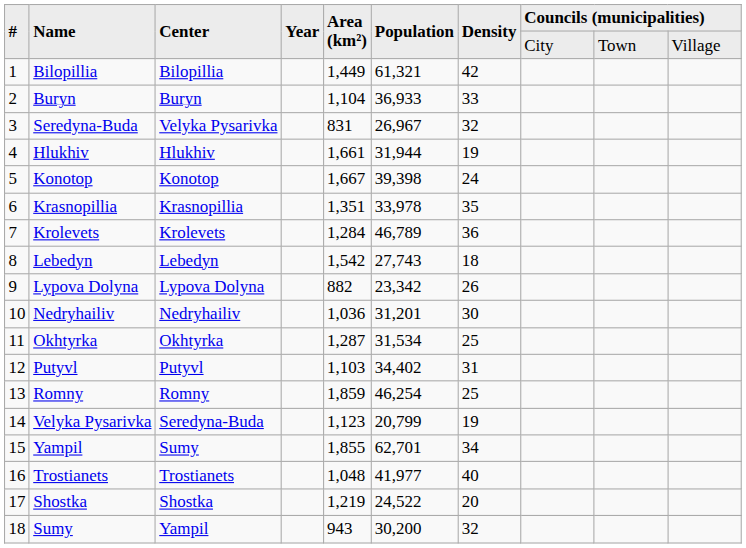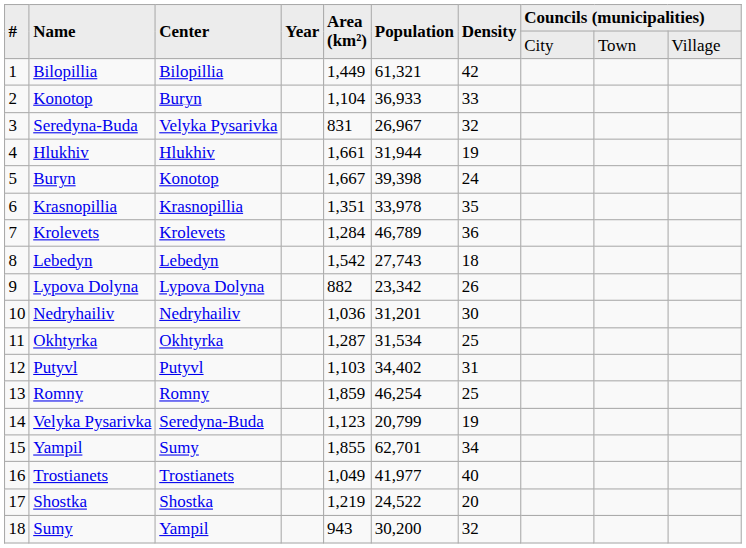 <table class="wikitable">
 <tr bgcolor="#ECECEC">
 <td rowspan=2><strong>#</strong></td>
 <td rowspan=2><strong>Name</strong></td>
 <td rowspan=2><strong>Center</strong></td>
 <td rowspan=2><strong>Year</strong></td>
 <td rowspan=2><strong>Area<br>(km²)</strong></td>
 <td rowspan=2><strong>Population</strong></td>
 <td rowspan=2><strong>Density</strong></td>
 <td colspan=3><strong>Councils (municipalities)</strong></td>
 </tr>
 <tr bgcolor="#ECECEC">
 <td width=10%>City</td>
 <td width=10%>Town</td>
 <td width=10%>Village</td>
 </tr>
 <tr>
 <td>1</td>
 <td><a href='#'>Bilopillia</a></td>
 <td><a href='#'>Bilopillia</a></td>
 <td></td>
 <td>1,449</td>
 <td>61,321</td>
 <td>42</td>
 <td></td>
 <td></td>
 <td></td>
 </tr>
 <tr>
 <td>2</td>
-<td><a href='#'>Buryn</a></td>
+<td><a href='#'>Konotop</a></td>
 <td><a href='#'>Buryn</a></td>
 <td></td>
 <td>1,104</td>
 <td>36,933</td>
 <td>33</td>
 <td></td>
 <td></td>
 <td></td>
 </tr>
 <tr>
 <td>3</td>
 <td><a href='#'>Seredyna-Buda</a></td>
 <td><a href='#'>Velyka Pysarivka</a></td>
 <td></td>
 <td>831</td>
 <td>26,967</td>
 <td>32</td>
 <td></td>
 <td></td>
 <td></td>
 </tr>
 <tr>
 <td>4</td>
 <td><a href='#'>Hlukhiv</a></td>
 <td><a href='#'>Hlukhiv</a></td>
 <td></td>
 <td>1,661</td>
 <td>31,944</td>
 <td>19</td>
 <td></td>
 <td></td>
 <td></td>
 </tr>
 <tr>
 <td>5</td>
-<td><a href='#'>Konotop</a></td>
+<td><a href='#'>Buryn</a></td>
 <td><a href='#'>Konotop</a></td>
 <td></td>
 <td>1,667</td>
 <td>39,398</td>
 <td>24</td>
 <td></td>
 <td></td>
 <td></td>
 </tr>
 <tr>
 <td>6</td>
 <td><a href='#'>Krasnopillia</a></td>
 <td><a href='#'>Krasnopillia</a></td>
 <td></td>
 <td>1,351</td>
 <td>33,978</td>
 <td>35</td>
 <td></td>
 <td></td>
 <td></td>
 </tr>
 <tr>
 <td>7</td>
 <td><a href='#'>Krolevets</a></td>
 <td><a href='#'>Krolevets</a></td>
 <td></td>
 <td>1,284</td>
 <td>46,789</td>
 <td>36</td>
 <td></td>
 <td></td>
 <td></td>
 </tr>
 <tr>
 <td>8</td>
 <td><a href='#'>Lebedyn</a></td>
 <td><a href='#'>Lebedyn</a></td>
 <td></td>
 <td>1,542</td>
 <td>27,743</td>
 <td>18</td>
 <td></td>
 <td></td>
 <td></td>
 </tr>
 <tr>
 <td>9</td>
 <td><a href='#'>Lypova Dolyna</a></td>
 <td><a href='#'>Lypova Dolyna</a></td>
 <td></td>
 <td>882</td>
 <td>23,342</td>
 <td>26</td>
 <td></td>
 <td></td>
 <td></td>
 </tr>
 <tr>
 <td>10</td>
 <td><a href='#'>Nedryhailiv</a></td>
 <td><a href='#'>Nedryhailiv</a></td>
 <td></td>
 <td>1,036</td>
 <td>31,201</td>
 <td>30</td>
 <td></td>
 <td></td>
 <td></td>
 </tr>
 <tr>
 <td>11</td>
 <td><a href='#'>Okhtyrka</a></td>
 <td><a href='#'>Okhtyrka</a></td>
 <td></td>
 <td>1,287</td>
 <td>31,534</td>
 <td>25</td>
 <td></td>
 <td></td>
 <td></td>
 </tr>
 <tr>
 <td>12</td>
 <td><a href='#'>Putyvl</a></td>
 <td><a href='#'>Putyvl</a></td>
 <td></td>
 <td>1,103</td>
 <td>34,402</td>
 <td>31</td>
 <td></td>
 <td></td>
 <td></td>
 </tr>
 <tr>
 <td>13</td>
 <td><a href='#'>Romny</a></td>
 <td><a href='#'>Romny</a></td>
 <td></td>
 <td>1,859</td>
 <td>46,254</td>
 <td>25</td>
 <td></td>
 <td></td>
 <td></td>
 </tr>
 <tr>
 <td>14</td>
 <td><a href='#'>Velyka Pysarivka</a></td>
 <td><a href='#'>Seredyna-Buda</a></td>
 <td></td>
 <td>1,123</td>
 <td>20,799</td>
 <td>19</td>
 <td></td>
 <td></td>
 <td></td>
 </tr>
 <tr>
 <td>15</td>
 <td><a href='#'>Yampil</a></td>
 <td><a href='#'>Sumy</a></td>
 <td></td>
 <td>1,855</td>
 <td>62,701</td>
 <td>34</td>
 <td></td>
 <td></td>
 <td></td>
 </tr>
 <tr>
 <td>16</td>
 <td><a href='#'>Trostianets</a></td>
 <td><a href='#'>Trostianets</a></td>
 <td></td>
-<td>1,048</td>
+<td>1,049</td>
 <td>41,977</td>
 <td>40</td>
 <td></td>
 <td></td>
 <td></td>
 </tr>
 <tr>
 <td>17</td>
 <td><a href='#'>Shostka</a></td>
 <td><a href='#'>Shostka</a></td>
 <td></td>
 <td>1,219</td>
 <td>24,522</td>
 <td>20</td>
 <td></td>
 <td></td>
 <td></td>
 </tr>
 <tr>
 <td>18</td>
 <td><a href='#'>Sumy</a></td>
 <td><a href='#'>Yampil</a></td>
 <td></td>
 <td>943</td>
 <td>30,200</td>
 <td>32</td>
 <td></td>
 <td></td>
 <td></td>
 </tr>
 </table>
